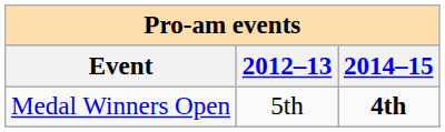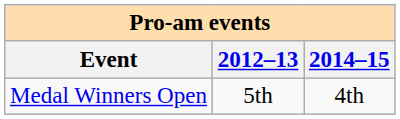 <table class="wikitable" style="text-align:center">
 <tr>
 <th style="background-color: #ffdead; " colspan=3 align=center>Pro-am events</th>
 </tr>
 <tr>
 <th>Event</th>
 <th><a href='#'>2012–13</a></th>
 <th><a href='#'>2014–15</a></th>
 </tr>
 <tr>
 <td align=left><a href='#'>Medal Winners Open</a></td>
 <td>5th</td>
-<td><strong>4th</strong></td>
+<td>4th</td>
 </tr>
 </table>
